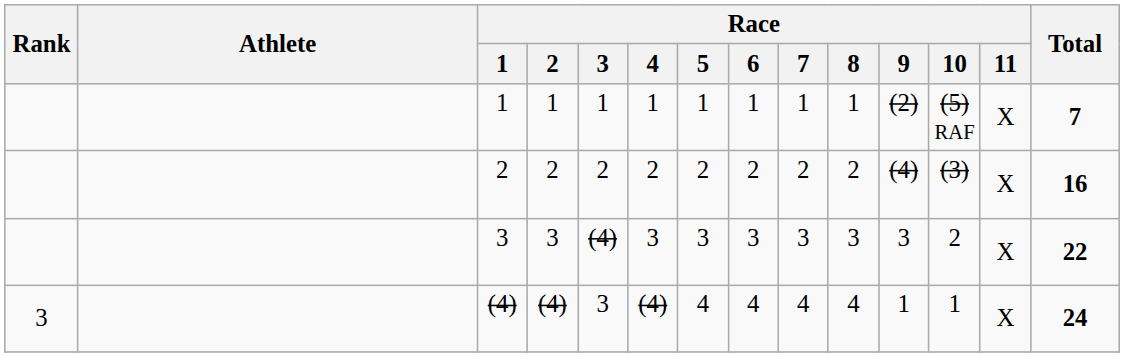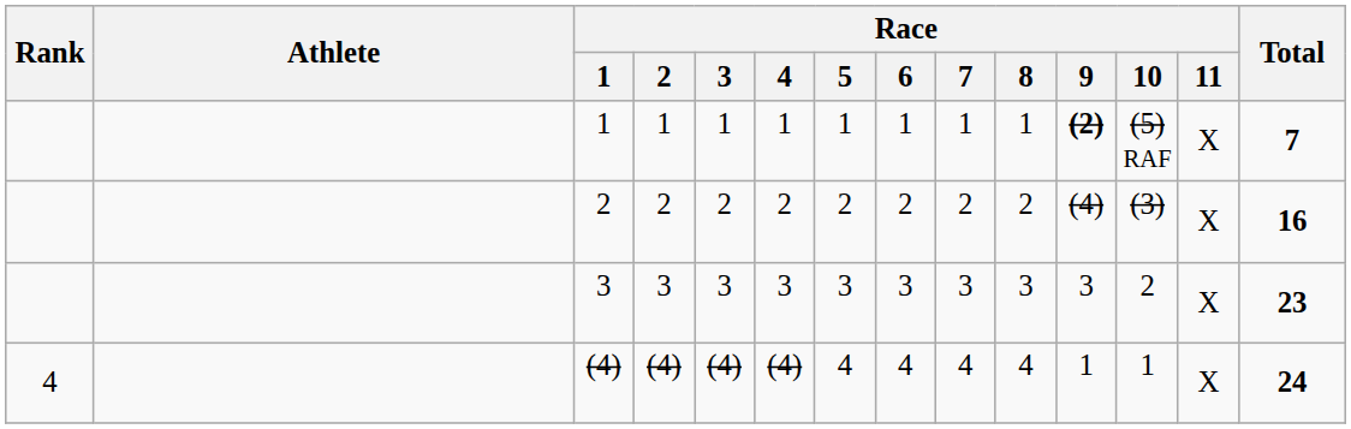 <table | class="wikitable" style="text-align:center">
 <tr>
 <th rowspan="2" width=40>Rank</th>
 <th rowspan="2" width=250>Athlete</th>
 <th colspan="11">Race</th>
 <th rowspan="2" width=50>Total</th>
 </tr>
 <tr>
 <th width=25>1</th>
 <th width=25>2</th>
 <th width=25>3</th>
 <th width=25>4</th>
 <th width=25>5</th>
 <th width=25>6</th>
 <th width=25>7</th>
 <th width=25>8</th>
 <th width=25>9</th>
 <th width=25>10</th>
 <th width=25>11</th>
 </tr>
 <tr>
 <td></td>
 <td align=left></td>
 <td>1<br> </td>
 <td>1<br> </td>
 <td>1<br> </td>
 <td>1<br> </td>
 <td>1<br> </td>
 <td>1<br> </td>
 <td>1<br> </td>
 <td>1<br> </td>
-<td><s>(2)</s><br> </td>
+<td><strong><s>(2)</s><br> </strong></td>
 <td><s>(5)</s><br><small>RAF</small></td>
 <td>X</td>
 <td><strong>7</strong></td>
 </tr>
 <tr>
 <td></td>
 <td align=left></td>
 <td>2<br> </td>
 <td>2<br> </td>
 <td>2<br> </td>
 <td>2<br> </td>
 <td>2<br> </td>
 <td>2<br> </td>
 <td>2<br> </td>
 <td>2<br> </td>
 <td><s>(4)</s><br> </td>
 <td><s>(3)</s><br> </td>
 <td>X</td>
 <td><strong>16</strong></td>
 </tr>
 <tr>
 <td></td>
 <td align=left></td>
 <td>3<br> </td>
 <td>3<br> </td>
-<td><s>(4)</s><br> </td>
+<td>3<br> </td>
 <td>3<br> </td>
 <td>3<br> </td>
 <td>3<br> </td>
 <td>3<br> </td>
 <td>3<br> </td>
 <td>3<br> </td>
 <td>2<br> </td>
 <td>X</td>
-<td><strong>22</strong></td>
+<td><strong>23</strong></td>
 </tr>
 <tr>
-<td>3</td>
+<td>4</td>
 <td align=left></td>
 <td><s>(4)</s><br> </td>
 <td><s>(4)</s><br> </td>
-<td>3<br> </td>
+<td><s>(4)</s><br> </td>
 <td><s>(4)</s><br> </td>
 <td>4<br> </td>
 <td>4<br> </td>
 <td>4<br> </td>
 <td>4<br> </td>
 <td>1<br> </td>
 <td>1<br> </td>
 <td>X</td>
 <td><strong>24</strong></td>
 </tr>
 </table>
